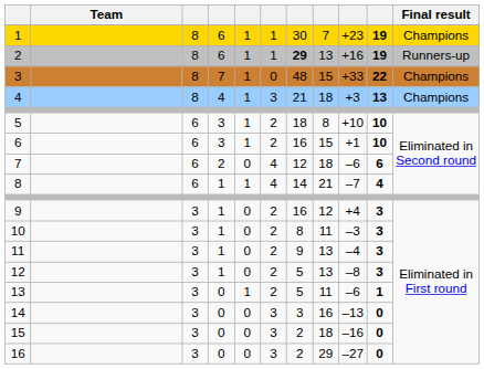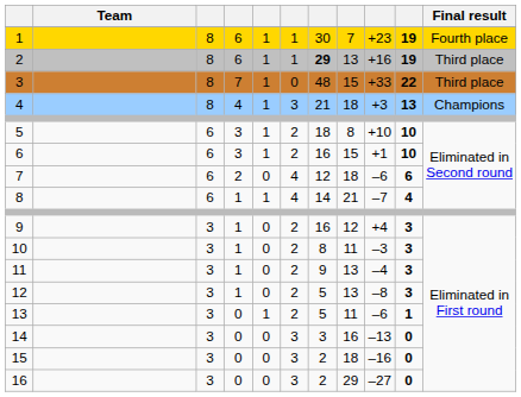 <table class=wikitable style="text-align:center">
 <tr>
 <th width="25"></th>
 <th width="180">Team</th>
 <th width="25"></th>
 <th width="25"></th>
 <th width="25"></th>
 <th width="25"></th>
 <th width="25"></th>
 <th width="25"></th>
 <th width="25"></th>
 <th width="25"></th>
 <th width="100">Final result</th>
 </tr>
 <tr>
 </tr>
 <tr style="background: #FFD700;">
 <td>1</td>
 <td align=left></td>
 <td>8</td>
 <td>6</td>
 <td>1</td>
 <td>1</td>
 <td>30</td>
 <td>7</td>
 <td>+23</td>
 <td><strong>19</strong></td>
-<td>Champions</td>
+<td>Fourth place</td>
 </tr>
 <tr style="background: #C0C0C0;">
 <td>2</td>
 <td align=left></td>
 <td>8</td>
 <td>6</td>
 <td>1</td>
 <td>1</td>
 <td><strong>29</strong></td>
 <td>13</td>
 <td>+16</td>
 <td><strong>19</strong></td>
-<td>Runners-up</td>
+<td>Third place</td>
 </tr>
 <tr style="background: #CD7F32;">
 <td>3</td>
 <td align=left></td>
 <td>8</td>
 <td>7</td>
 <td>1</td>
 <td>0</td>
 <td>48</td>
 <td>15</td>
 <td>+33</td>
 <td><strong>22</strong></td>
-<td>Champions</td>
+<td>Third place</td>
 </tr>
 <tr bgcolor=#9acdff>
 <td>4</td>
 <td align=left></td>
 <td>8</td>
 <td>4</td>
 <td>1</td>
 <td>3</td>
 <td>21</td>
 <td>18</td>
 <td>+3</td>
 <td><strong>13</strong></td>
 <td>Champions</td>
 </tr>
 <tr style="border-top:8px solid #BBBBBB;">
 <td>5</td>
 <td align=left></td>
 <td>6</td>
 <td>3</td>
 <td>1</td>
 <td>2</td>
 <td>18</td>
 <td>8</td>
 <td>+10</td>
 <td><strong>10</strong></td>
 <td rowspan=4>Eliminated in <a href='#'>Second round</a></td>
 </tr>
 <tr>
 <td>6</td>
 <td align=left></td>
 <td>6</td>
 <td>3</td>
 <td>1</td>
 <td>2</td>
 <td>16</td>
 <td>15</td>
 <td>+1</td>
 <td><strong>10</strong></td>
 </tr>
 <tr>
 <td>7</td>
 <td align=left></td>
 <td>6</td>
 <td>2</td>
 <td>0</td>
 <td>4</td>
 <td>12</td>
 <td>18</td>
 <td>–6</td>
 <td><strong>6</strong></td>
 </tr>
 <tr>
 <td>8</td>
 <td align=left></td>
 <td>6</td>
 <td>1</td>
 <td>1</td>
 <td>4</td>
 <td>14</td>
 <td>21</td>
 <td>–7</td>
 <td><strong>4</strong></td>
 </tr>
 <tr style="border-top:8px solid #BBBBBB;">
 <td>9</td>
 <td align=left></td>
 <td>3</td>
 <td>1</td>
 <td>0</td>
 <td>2</td>
 <td>16</td>
 <td>12</td>
 <td>+4</td>
 <td><strong>3</strong></td>
 <td rowspan=8>Eliminated in <a href='#'>First round</a></td>
 </tr>
 <tr>
 <td>10</td>
 <td align=left></td>
 <td>3</td>
 <td>1</td>
 <td>0</td>
 <td>2</td>
 <td>8</td>
 <td>11</td>
 <td>–3</td>
 <td><strong>3</strong></td>
 </tr>
 <tr>
 <td>11</td>
 <td align=left></td>
 <td>3</td>
 <td>1</td>
 <td>0</td>
 <td>2</td>
 <td>9</td>
 <td>13</td>
 <td>–4</td>
 <td><strong>3</strong></td>
 </tr>
 <tr>
 <td>12</td>
 <td align=left></td>
 <td>3</td>
 <td>1</td>
 <td>0</td>
 <td>2</td>
 <td>5</td>
 <td>13</td>
 <td>–8</td>
 <td><strong>3</strong></td>
 </tr>
 <tr>
 <td>13</td>
 <td align=left></td>
 <td>3</td>
 <td>0</td>
 <td>1</td>
 <td>2</td>
 <td>5</td>
 <td>11</td>
 <td>–6</td>
 <td><strong>1</strong></td>
 </tr>
 <tr>
 <td>14</td>
 <td align=left></td>
 <td>3</td>
 <td>0</td>
 <td>0</td>
 <td>3</td>
 <td>3</td>
 <td>16</td>
 <td>–13</td>
 <td><strong>0</strong></td>
 </tr>
 <tr>
 <td>15</td>
 <td align=left></td>
 <td>3</td>
 <td>0</td>
 <td>0</td>
 <td>3</td>
 <td>2</td>
 <td>18</td>
 <td>–16</td>
 <td><strong>0</strong></td>
 </tr>
 <tr>
 <td>16</td>
 <td align=left></td>
 <td>3</td>
 <td>0</td>
 <td>0</td>
 <td>3</td>
 <td>2</td>
 <td>29</td>
 <td>–27</td>
 <td><strong>0</strong></td>
 </tr>
 </table>
